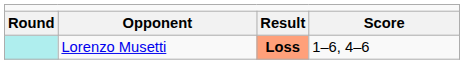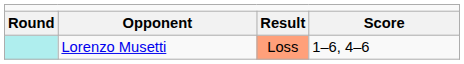 <table class=wikitable style=font-size:96%>
 <tr>
 <td colspan=4></td>
 </tr>
 <tr>
 <th>Round</th>
 <th style=width:200px>Opponent</th>
 <th>Result</th>
 <th width=150>Score</th>
 </tr>
 <tr>
 <td style=background:#afeeee></td>
 <td> <a href='#'>Lorenzo Musetti</a></td>
-<td bgcolor=FFA07A style=text-align:center><strong>Loss</strong></td>
+<td bgcolor=FFA07A style=text-align:center>Loss</td>
 <td>1–6, 4–6</td>
 </tr>
 </table>
